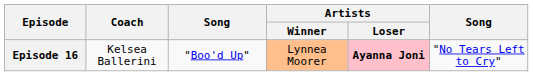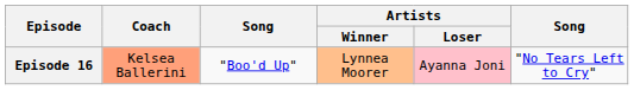 <table class="wikitable" style="text-align: center; width:100%;">
 <tr>
 <th rowspan="2" style="width:15%;">Episode</th>
 <th rowspan="2" style="width:15%;">Coach</th>
 <th rowspan="2" style="width:18%;">Song</th>
 <th colspan="2" style="width:30%;">Artists</th>
 <th rowspan="2" style="width:18%;">Song</th>
 </tr>
 <tr>
 <th style="width:15%;">Winner</th>
 <th style="width:15%;">Loser</th>
 </tr>
 <tr>
 <th>Episode 16<br><small></small></th>
-<td>Kelsea Ballerini</td>
+<td style="background: lightsalmon;">Kelsea Ballerini</td>
 <td>"<a href='#'>Boo'd Up</a>"</td>
 <td style="background:#ffbf8c;">Lynnea Moorer</td>
-<td style="background:pink;"><strong>Ayanna Joni</strong></td>
+<td style="background:pink;">Ayanna Joni</td>
 <td>"<a href='#'>No Tears Left to Cry</a>"</td>
 </tr>
 </table>
